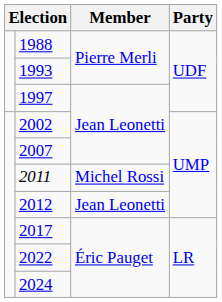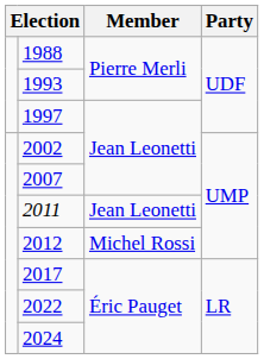 <table class="wikitable">
 <tr>
 <th colspan="2">Election</th>
 <th>Member</th>
 <th>Party</th>
 </tr>
 <tr>
 <td rowspan="3" style="background-color: "></td>
 <td><a href='#'>1988</a></td>
 <td rowspan="2"><a href='#'>Pierre Merli</a></td>
 <td rowspan="3"><a href='#'>UDF</a></td>
 </tr>
 <tr>
 <td><a href='#'>1993</a></td>
 </tr>
 <tr>
 <td><a href='#'>1997</a></td>
 <td rowspan="3"><a href='#'>Jean Leonetti</a></td>
 </tr>
 <tr>
 <td rowspan="7" style="background-color: "></td>
 <td><a href='#'>2002</a></td>
 <td rowspan="4"><a href='#'>UMP</a></td>
 </tr>
 <tr>
 <td><a href='#'>2007</a></td>
 </tr>
 <tr>
 <td><em>2011</em></td>
-<td><a href='#'>Michel Rossi</a></td>
+<td><a href='#'>Jean Leonetti</a></td>
 </tr>
 <tr>
 <td><a href='#'>2012</a></td>
-<td><a href='#'>Jean Leonetti</a></td>
+<td><a href='#'>Michel Rossi</a></td>
 </tr>
 <tr>
 <td><a href='#'>2017</a></td>
 <td rowspan="3"><a href='#'>Éric Pauget</a></td>
 <td rowspan="3"><a href='#'>LR</a></td>
 </tr>
 <tr>
 <td><a href='#'>2022</a></td>
 </tr>
 <tr>
 <td><a href='#'>2024</a></td>
 </tr>
 </table>
